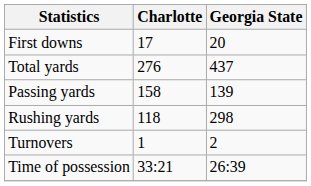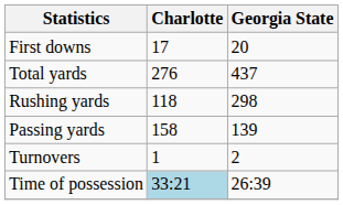 <table class="wikitable">
 <tr>
 <th>Statistics</th>
 <th>Charlotte</th>
 <th>Georgia State</th>
 </tr>
 <tr>
 <td>First downs</td>
 <td>17</td>
 <td>20</td>
 </tr>
 <tr>
 <td>Total yards</td>
 <td>276</td>
 <td>437</td>
 </tr>
 <tr>
+<td>Rushing yards</td>
+<td>118</td>
+<td>298</td>
+</tr>
+<tr>
 <td>Passing yards</td>
 <td>158</td>
 <td>139</td>
-</tr>
-<tr>
-<td>Rushing yards</td>
-<td>118</td>
-<td>298</td>
 </tr>
 <tr>
 <td>Turnovers</td>
 <td>1</td>
 <td>2</td>
 </tr>
 <tr>
 <td>Time of possession</td>
-<td>33:21</td>
+<td style="background: lightblue;">33:21</td>
 <td>26:39</td>
 </tr>
 <tr>
 </tr>
 </table>
